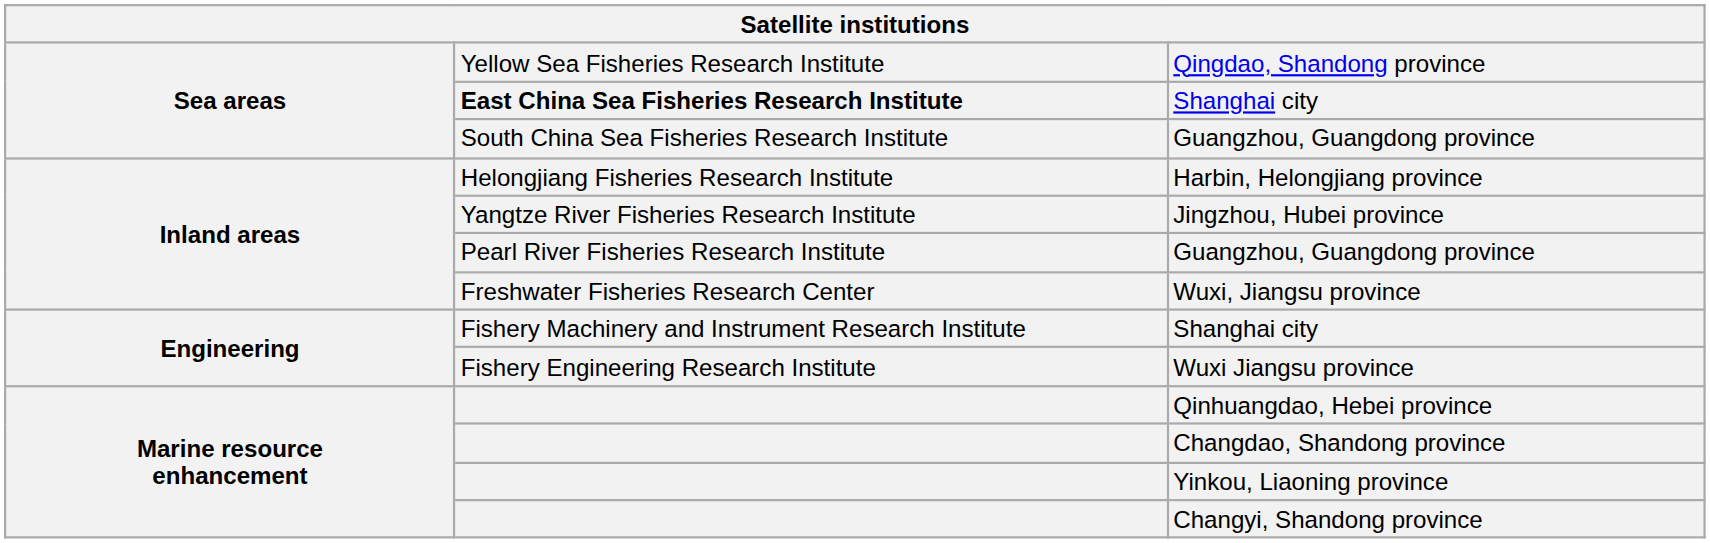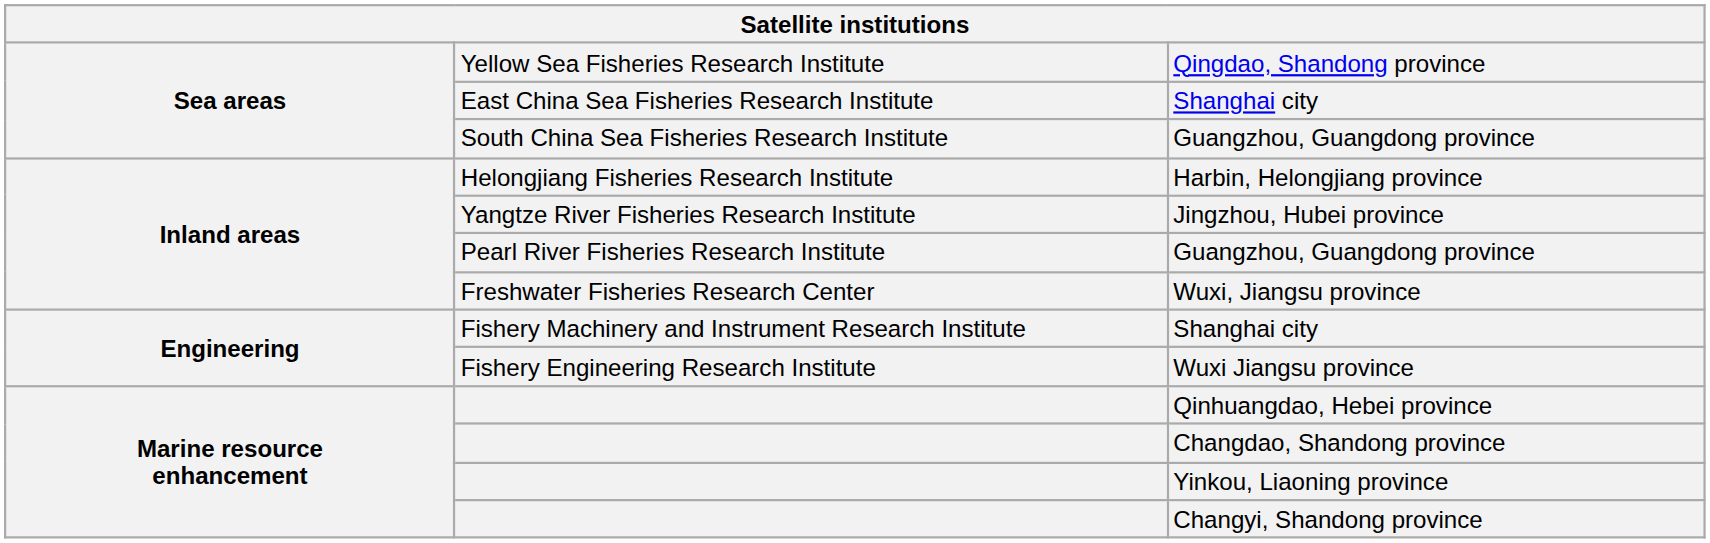 <table class="wikitable" style="border:0.5px solid black; float:left; margin: 1em auto 1em auto; vertical-align:text-top; background-color: #F2F2F2; font-size:11px;">
 <tr>
 <td colspan="3" style="text-align:center;"><strong>Satellite institutions</strong></td>
 </tr>
 <tr>
 <td rowspan="3" align="center" width="200"><strong>Sea areas</strong></td>
 <td width="320">Yellow Sea Fisheries Research Institute</td>
 <td width="240"><a href='#'>Qingdao, Shandong</a> province</td>
 </tr>
 <tr>
-<td><strong>East China Sea Fisheries Research Institute</strong></td>
+<td>East China Sea Fisheries Research Institute</td>
 <td><a href='#'>Shanghai</a> city</td>
 </tr>
 <tr>
 <td>South China Sea Fisheries Research Institute</td>
 <td>Guangzhou, Guangdong province</td>
 </tr>
 <tr>
 <td rowspan="4" align="center"><strong>Inland areas</strong></td>
 <td>Helongjiang Fisheries Research Institute</td>
 <td>Harbin, Helongjiang province</td>
 </tr>
 <tr>
 <td>Yangtze River Fisheries Research Institute</td>
 <td>Jingzhou, Hubei province</td>
 </tr>
 <tr>
 <td>Pearl River Fisheries Research Institute</td>
 <td>Guangzhou, Guangdong province</td>
 </tr>
 <tr>
 <td>Freshwater Fisheries Research Center</td>
 <td>Wuxi, Jiangsu province</td>
 </tr>
 <tr>
 <td rowspan="2" align="center"><strong>Engineering</strong></td>
 <td>Fishery Machinery and Instrument Research Institute</td>
 <td>Shanghai city</td>
 </tr>
 <tr>
 <td>Fishery Engineering Research Institute</td>
 <td>Wuxi Jiangsu province</td>
 </tr>
 <tr>
 <td rowspan="4" align="center"><strong>Marine resource<br>enhancement</strong></td>
 <td></td>
 <td>Qinhuangdao, Hebei province</td>
 </tr>
 <tr>
 <td></td>
 <td>Changdao, Shandong province</td>
 </tr>
 <tr>
 <td></td>
 <td>Yinkou, Liaoning province</td>
 </tr>
 <tr>
 <td></td>
 <td>Changyi, Shandong province</td>
 </tr>
 </table>
